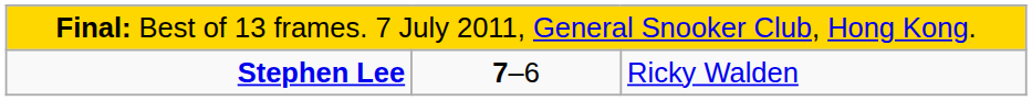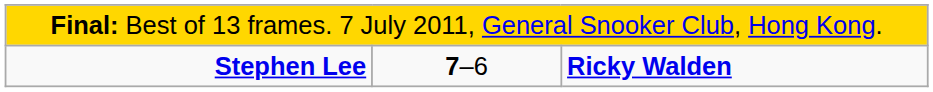 <table class="wikitable" style="font-size: 90%; margin: 1em auto 1em auto;">
 <tr>
 <td colspan = "3" align="center" bgcolor="#ffd700"><strong>Final:</strong> Best of 13 frames. 7 July 2011, <a href='#'>General Snooker Club</a>, <a href='#'>Hong Kong</a>.</td>
 </tr>
 <tr>
 <td width = "200" align="right"><strong><a href='#'>Stephen Lee</a></strong><br></td>
 <td width = "100" align="center"><strong>7</strong>–6</td>
-<td width = "200"><a href='#'>Ricky Walden</a><br></td>
+<td width = "200"><strong><a href='#'>Ricky Walden</a><br></strong></td>
 </tr>
 </table>
